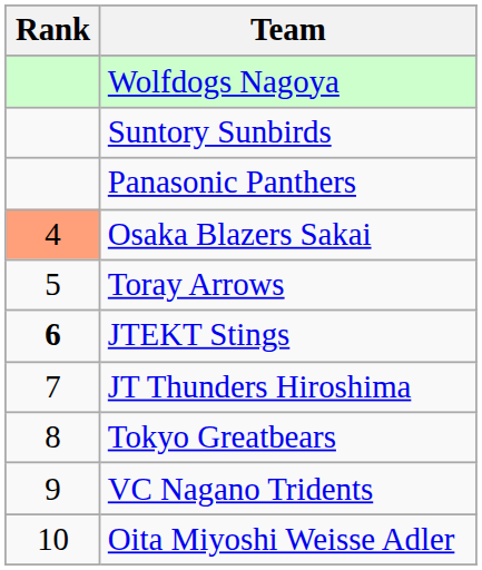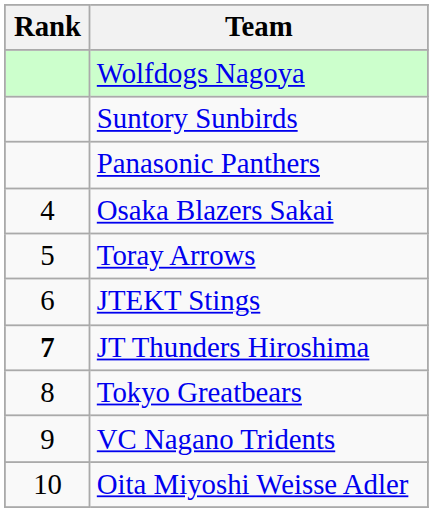 <table class="wikitable" style="text-align: center;">
 <tr>
 <th width=40>Rank</th>
 <th width=180>Team</th>
 </tr>
 <tr bgcolor=#CCFFCC>
 <td></td>
 <td style="text-align:left;"><a href='#'>Wolfdogs Nagoya</a></td>
 </tr>
 <tr>
 <td></td>
 <td style="text-align:left;"><a href='#'>Suntory Sunbirds</a></td>
 </tr>
 <tr>
 <td></td>
 <td style="text-align:left;"><a href='#'>Panasonic Panthers</a></td>
 </tr>
 <tr align=center>
-<td style="background: lightsalmon;">4</td>
+<td>4</td>
 <td style="text-align:left;"><a href='#'>Osaka Blazers Sakai</a></td>
 </tr>
 <tr align=center>
 <td>5</td>
 <td style="text-align:left;"><a href='#'>Toray Arrows</a></td>
 </tr>
 <tr align=center>
-<td><strong>6</strong></td>
+<td>6</td>
 <td style="text-align:left;"><a href='#'>JTEKT Stings</a></td>
 </tr>
 <tr align=center>
-<td>7</td>
+<td><strong>7</strong></td>
 <td style="text-align:left;"><a href='#'>JT Thunders Hiroshima</a></td>
 </tr>
 <tr align=center>
 <td>8</td>
 <td style="text-align:left;"><a href='#'>Tokyo Greatbears</a></td>
 </tr>
 <tr align=center>
 <td>9</td>
 <td style="text-align:left;"><a href='#'>VC Nagano Tridents</a></td>
 </tr>
 <tr align=center>
 <td>10</td>
 <td style="text-align:left;"><a href='#'>Oita Miyoshi Weisse Adler</a></td>
 </tr>
 </table>
